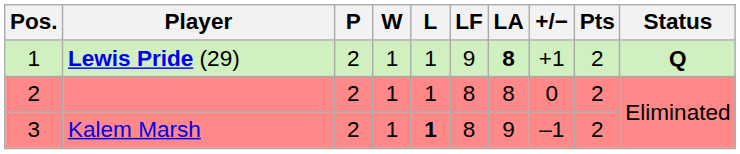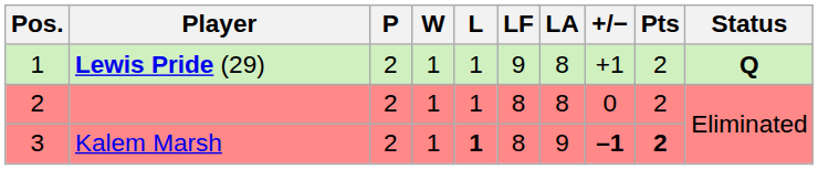 <table class="wikitable" style="text-align:center; margin: 1em auto 1em auto, align:left">
 <tr>
 <th width=20>Pos.</th>
 <th width=185>Player</th>
 <th width=20>P</th>
 <th width=20>W</th>
 <th width=20>L</th>
 <th width=20>LF</th>
 <th width=20>LA</th>
 <th width=25>+/−</th>
 <th width=20>Pts</th>
 <th width=70>Status</th>
 </tr>
 <tr style="background:#D0F0C0;">
 <td>1</td>
 <td align=left> <strong><a href='#'>Lewis Pride</a></strong> (29)</td>
 <td>2</td>
 <td>1</td>
 <td>1</td>
 <td>9</td>
-<td><strong>8</strong></td>
+<td>8</td>
 <td>+1</td>
 <td>2</td>
 <td><strong>Q</strong></td>
 </tr>
 <tr style="background:#FF8888;">
 <td>2</td>
 <td align=left></td>
 <td>2</td>
 <td>1</td>
 <td>1</td>
 <td>8</td>
 <td>8</td>
 <td>0</td>
 <td>2</td>
 <td rowspan=2>Eliminated</td>
 </tr>
 <tr style="background:#FF8888;">
 <td>3</td>
 <td align=left> <a href='#'>Kalem Marsh</a></td>
 <td>2</td>
 <td>1</td>
 <td><strong>1</strong></td>
 <td>8</td>
 <td>9</td>
-<td>–1</td>
-<td>2</td>
+<td><strong>–1</strong></td>
+<td><strong>2</strong></td>
 </tr>
 </table>
